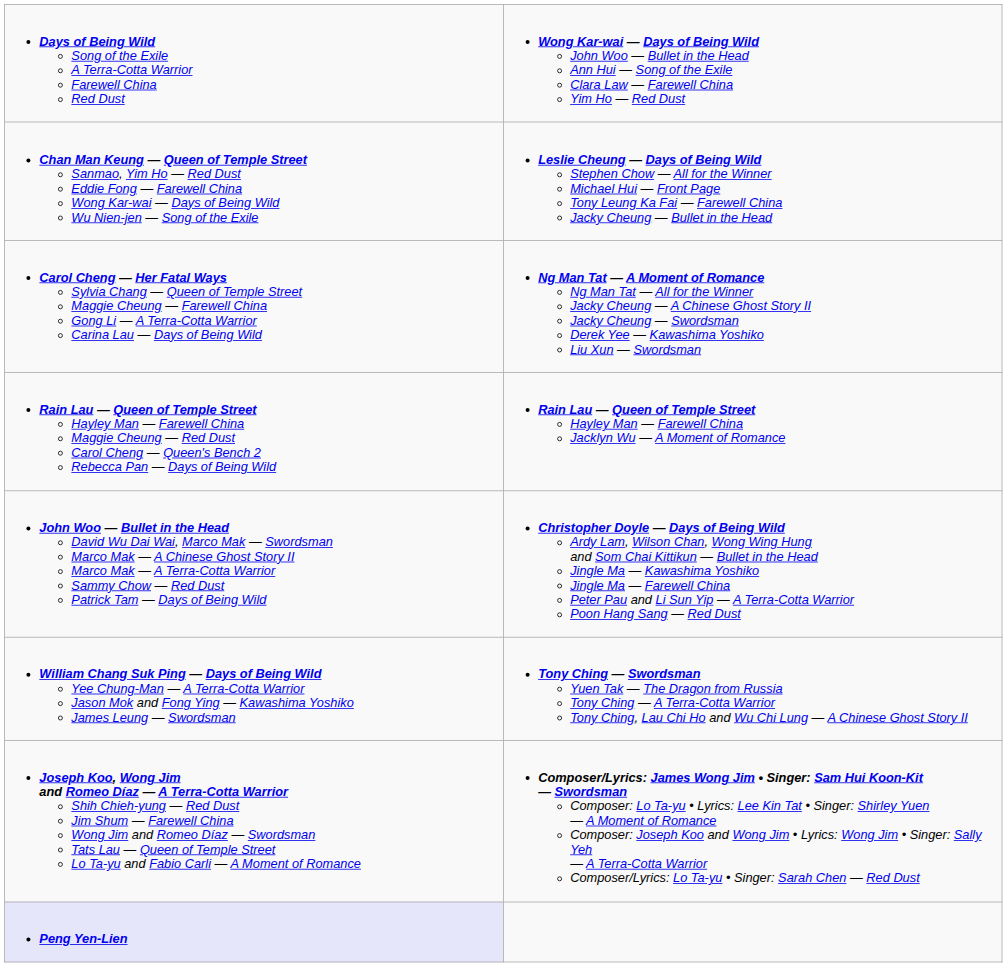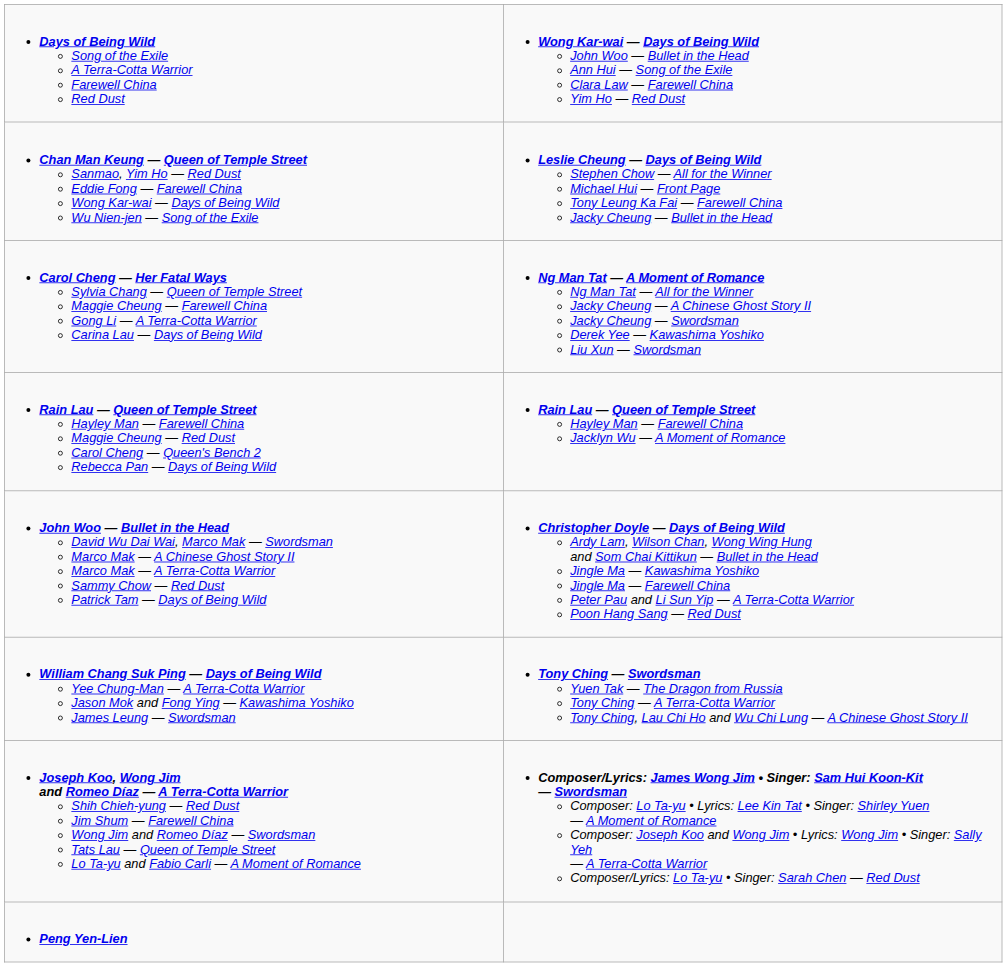 <table class=wikitable>
 <tr>
 <td valign="top" width="50%"><br><ul><li><strong><em><a href='#'>Days of Being Wild</a></em></strong><ul><li><em><a href='#'>Song of the Exile</a></em></li><li><em><a href='#'>A Terra-Cotta Warrior</a></em></li><li><em><a href='#'>Farewell China</a></em></li><li><em><a href='#'>Red Dust</a></em></li></ul></li></ul></td>
 <td valign="top" width="50%"><br><ul><li><strong><em><a href='#'>Wong Kar-wai</a> — <a href='#'>Days of Being Wild</a></em></strong><ul><li><em><a href='#'>John Woo</a> — <a href='#'>Bullet in the Head</a></em></li><li><em><a href='#'>Ann Hui</a> — <a href='#'>Song of the Exile</a></em></li><li><em><a href='#'>Clara Law</a> — <a href='#'>Farewell China</a></em></li><li><em><a href='#'>Yim Ho</a> — <a href='#'>Red Dust</a></em></li></ul></li></ul></td>
 </tr>
 <tr>
 <td valign="top" width="50%"><br><ul><li><strong><em><a href='#'>Chan Man Keung</a> — <a href='#'>Queen of Temple Street</a></em></strong><ul><li><em><a href='#'>Sanmao</a>, <a href='#'>Yim Ho</a> — <a href='#'>Red Dust</a></em></li><li><em><a href='#'>Eddie Fong</a> — <a href='#'>Farewell China</a></em></li><li><em><a href='#'>Wong Kar-wai</a> — <a href='#'>Days of Being Wild</a></em></li><li><em><a href='#'>Wu Nien-jen</a> — <a href='#'>Song of the Exile</a></em></li></ul></li></ul></td>
 <td valign="top" width="50%"><br><ul><li><strong><em><a href='#'>Leslie Cheung</a> — <a href='#'>Days of Being Wild</a></em></strong><ul><li><em><a href='#'>Stephen Chow</a> — <a href='#'>All for the Winner</a></em></li><li><em><a href='#'>Michael Hui</a> — <a href='#'>Front Page</a></em></li><li><em><a href='#'>Tony Leung Ka Fai</a> — <a href='#'>Farewell China</a></em></li><li><em><a href='#'>Jacky Cheung</a> — <a href='#'>Bullet in the Head</a></em></li></ul></li></ul></td>
 </tr>
 <tr>
 <td valign="top" width="50%"><br><ul><li><strong><em><a href='#'>Carol Cheng</a> — <a href='#'>Her Fatal Ways</a></em></strong><ul><li><em><a href='#'>Sylvia Chang</a> — <a href='#'>Queen of Temple Street</a></em></li><li><em><a href='#'>Maggie Cheung</a> — <a href='#'>Farewell China</a></em></li><li><em><a href='#'>Gong Li</a> — <a href='#'>A Terra-Cotta Warrior</a></em></li><li><em><a href='#'>Carina Lau</a> — <a href='#'>Days of Being Wild</a></em></li></ul></li></ul></td>
 <td valign="top" width="50%"><br><ul><li><strong><em><a href='#'>Ng Man Tat</a> — <a href='#'>A Moment of Romance</a></em></strong><ul><li><em><a href='#'>Ng Man Tat</a> — <a href='#'>All for the Winner</a></em></li><li><em><a href='#'>Jacky Cheung</a> — <a href='#'>A Chinese Ghost Story II</a></em></li><li><em><a href='#'>Jacky Cheung</a> — <a href='#'>Swordsman</a></em></li><li><em><a href='#'>Derek Yee</a> — <a href='#'>Kawashima Yoshiko</a></em></li><li><em><a href='#'>Liu Xun</a> — <a href='#'>Swordsman</a></em></li></ul></li></ul></td>
 </tr>
 <tr>
 <td valign="top" width="50%"><br><ul><li><strong><em><a href='#'>Rain Lau</a> — <a href='#'>Queen of Temple Street</a></em></strong><ul><li><em><a href='#'>Hayley Man</a> — <a href='#'>Farewell China</a></em></li><li><em><a href='#'>Maggie Cheung</a> — <a href='#'>Red Dust</a></em></li><li><em><a href='#'>Carol Cheng</a> — <a href='#'>Queen's Bench 2</a></em></li><li><em><a href='#'>Rebecca Pan</a> — <a href='#'>Days of Being Wild</a></em></li></ul></li></ul></td>
 <td valign="top" width="50%"><br><ul><li><strong><em><a href='#'>Rain Lau</a> — <a href='#'>Queen of Temple Street</a></em></strong><ul><li><em><a href='#'>Hayley Man</a> — <a href='#'>Farewell China</a></em></li><li><em><a href='#'>Jacklyn Wu</a> — <a href='#'>A Moment of Romance</a></em></li></ul></li></ul></td>
 </tr>
 <tr>
 <td valign="top" width="50%"><br><ul><li><strong><em><a href='#'>John Woo</a> — <a href='#'>Bullet in the Head</a></em></strong><ul><li><em><a href='#'>David Wu Dai Wai</a>, <a href='#'>Marco Mak</a> — <a href='#'>Swordsman</a></em></li><li><em><a href='#'>Marco Mak</a> — <a href='#'>A Chinese Ghost Story II</a></em></li><li><em><a href='#'>Marco Mak</a> — <a href='#'>A Terra-Cotta Warrior</a></em></li><li><em><a href='#'>Sammy Chow</a> — <a href='#'>Red Dust</a></em></li><li><em><a href='#'>Patrick Tam</a> — <a href='#'>Days of Being Wild</a></em></li></ul></li></ul></td>
 <td valign="top" width="50%"><br><ul><li><strong><em><a href='#'>Christopher Doyle</a> — <a href='#'>Days of Being Wild</a></em></strong><ul><li><em><a href='#'>Ardy Lam</a>, <a href='#'>Wilson Chan</a>, <a href='#'>Wong Wing Hung</a> <br>and <a href='#'>Som Chai Kittikun</a> — <a href='#'>Bullet in the Head</a></em></li><li><em><a href='#'>Jingle Ma</a> — <a href='#'>Kawashima Yoshiko</a></em></li><li><em><a href='#'>Jingle Ma</a> — <a href='#'>Farewell China</a></em></li><li><em><a href='#'>Peter Pau</a> and <a href='#'>Li Sun Yip</a> — <a href='#'>A Terra-Cotta Warrior</a></em></li><li><em><a href='#'>Poon Hang Sang</a> — <a href='#'>Red Dust</a></em></li></ul></li></ul></td>
 </tr>
 <tr>
 <td valign="top" width="50%"><br><ul><li><strong><em><a href='#'>William Chang Suk Ping</a> — <a href='#'>Days of Being Wild</a></em></strong><ul><li><em><a href='#'>Yee Chung-Man</a> — <a href='#'>A Terra-Cotta Warrior</a></em></li><li><em><a href='#'>Jason Mok</a> and <a href='#'>Fong Ying</a> — <a href='#'>Kawashima Yoshiko</a></em></li><li><em><a href='#'>James Leung</a> — <a href='#'>Swordsman</a></em></li></ul></li></ul></td>
 <td valign="top" width="50%"><br><ul><li><strong><em><a href='#'>Tony Ching</a> — <a href='#'>Swordsman</a></em></strong><ul><li><em><a href='#'>Yuen Tak</a> — <a href='#'>The Dragon from Russia</a></em></li><li><em><a href='#'>Tony Ching</a> — <a href='#'>A Terra-Cotta Warrior</a></em></li><li><em><a href='#'>Tony Ching</a>, <a href='#'>Lau Chi Ho</a> and <a href='#'>Wu Chi Lung</a> — <a href='#'>A Chinese Ghost Story II</a></em></li></ul></li></ul></td>
 </tr>
 <tr>
 <td valign="top" width="50%"><br><ul><li><strong><em><a href='#'>Joseph Koo</a>, <a href='#'>Wong Jim</a> <br> and <a href='#'>Romeo Díaz</a> — <a href='#'>A Terra-Cotta Warrior</a></em></strong><ul><li><em><a href='#'>Shih Chieh-yung</a> — <a href='#'>Red Dust</a></em></li><li><em><a href='#'>Jim Shum</a> — <a href='#'>Farewell China</a></em></li><li><em><a href='#'>Wong Jim</a> and  <a href='#'>Romeo Díaz</a> — <a href='#'>Swordsman</a></em></li><li><em><a href='#'>Tats Lau</a> — <a href='#'>Queen of Temple Street</a></em></li><li><em><a href='#'>Lo Ta-yu</a> and <a href='#'>Fabio Carli</a> — <a href='#'>A Moment of Romance</a></em></li></ul></li></ul></td>
 <td valign="top" width="50%"><br><ul><li><strong><em>Composer/Lyrics: <a href='#'>James Wong Jim</a> • Singer: <a href='#'>Sam Hui Koon-Kit</a> <br>—  <a href='#'>Swordsman</a></em></strong><ul><li><em>Composer: <a href='#'>Lo Ta-yu</a> • Lyrics: <a href='#'>Lee Kin Tat</a> • Singer: <a href='#'>Shirley Yuen</a> <br> —  <a href='#'>A Moment of Romance</a></em></li><li><em>Composer: <a href='#'>Joseph Koo</a> and <a href='#'>Wong Jim</a> • Lyrics: <a href='#'>Wong Jim</a> • Singer: <a href='#'>Sally Yeh</a>  <br> —  <a href='#'>A Terra-Cotta Warrior</a></em></li><li><em>Composer/Lyrics: <a href='#'>Lo Ta-yu</a> • Singer: <a href='#'>Sarah Chen</a> —  <a href='#'>Red Dust</a></em></li></ul></li></ul></td>
 </tr>
 <tr>
-<td valign="top" width="50%" style="background: lavender;"><br><ul><li><strong><em><a href='#'>Peng Yen-Lien</a></em></strong></li></ul></td>
+<td valign="top" width="50%"><br><ul><li><strong><em><a href='#'>Peng Yen-Lien</a></em></strong></li></ul></td>
 </tr>
 </table>
